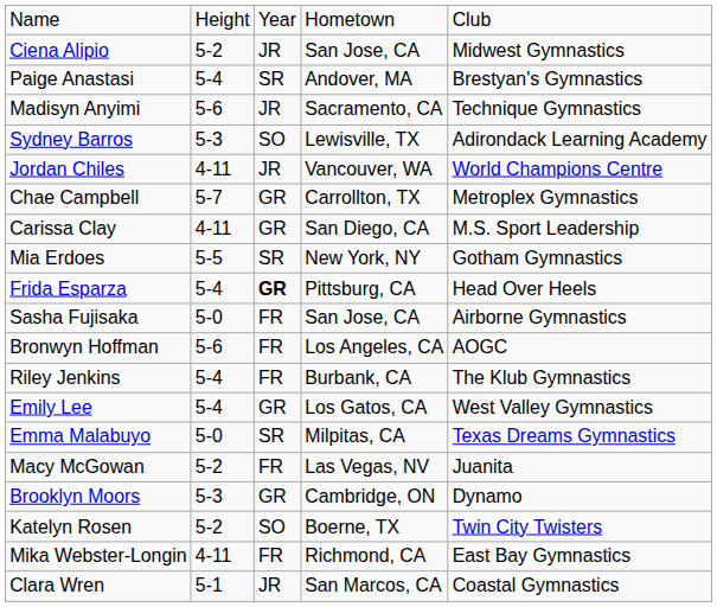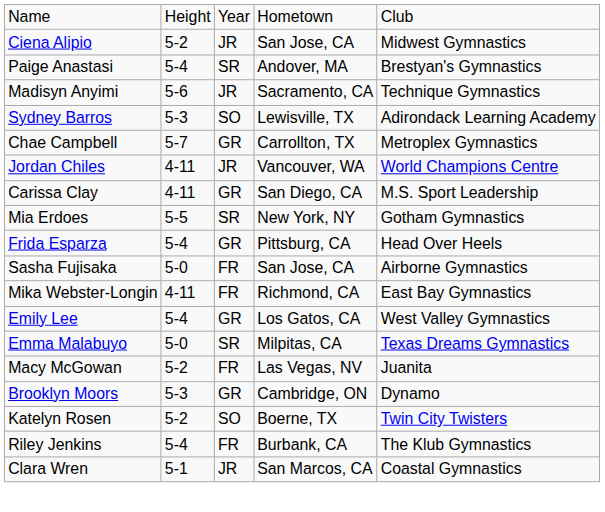 <table class="wikitable">
 <tr>
 <td>Name</td>
 <td>Height</td>
 <td>Year</td>
 <td>Hometown</td>
 <td>Club</td>
 </tr>
 <tr>
 <td><a href='#'>Ciena Alipio</a></td>
 <td>5-2</td>
 <td>JR</td>
 <td>San Jose, CA</td>
 <td>Midwest Gymnastics</td>
 </tr>
 <tr>
 <td>Paige Anastasi</td>
 <td>5-4</td>
 <td>SR</td>
 <td>Andover, MA</td>
 <td>Brestyan's Gymnastics</td>
 </tr>
 <tr>
 <td>Madisyn Anyimi</td>
 <td>5-6</td>
 <td>JR</td>
 <td>Sacramento, CA</td>
 <td>Technique Gymnastics</td>
 </tr>
 <tr>
 <td><a href='#'>Sydney Barros</a></td>
 <td>5-3</td>
 <td>SO</td>
 <td>Lewisville, TX</td>
 <td>Adirondack Learning Academy</td>
 </tr>
 <tr>
+<td>Chae Campbell</td>
+<td>5-7</td>
+<td>GR</td>
+<td>Carrollton, TX</td>
+<td>Metroplex Gymnastics</td>
+</tr>
+<tr>
 <td><a href='#'>Jordan Chiles</a></td>
 <td>4-11</td>
 <td>JR</td>
 <td>Vancouver, WA</td>
 <td><a href='#'>World Champions Centre</a></td>
-</tr>
-<tr>
-<td>Chae Campbell</td>
-<td>5-7</td>
-<td>GR</td>
-<td>Carrollton, TX</td>
-<td>Metroplex Gymnastics</td>
 </tr>
 <tr>
 <td>Carissa Clay</td>
 <td>4-11</td>
 <td>GR</td>
 <td>San Diego, CA</td>
 <td>M.S. Sport Leadership</td>
 </tr>
 <tr>
 <td>Mia Erdoes</td>
 <td>5-5</td>
 <td>SR</td>
 <td>New York, NY</td>
 <td>Gotham Gymnastics</td>
 </tr>
 <tr>
 <td><a href='#'>Frida Esparza</a></td>
 <td>5-4</td>
-<td><strong>GR</strong></td>
+<td>GR</td>
 <td>Pittsburg, CA</td>
 <td>Head Over Heels</td>
 </tr>
 <tr>
 <td>Sasha Fujisaka</td>
 <td>5-0</td>
 <td>FR</td>
 <td>San Jose, CA</td>
 <td>Airborne Gymnastics</td>
 </tr>
 <tr>
-<td>Bronwyn Hoffman</td>
-<td>5-6</td>
+<td>Mika Webster-Longin</td>
+<td>4-11</td>
 <td>FR</td>
-<td>Los Angeles, CA</td>
-<td>AOGC</td>
-</tr>
-<tr>
-<td>Riley Jenkins</td>
-<td>5-4</td>
-<td>FR</td>
-<td>Burbank, CA</td>
-<td>The Klub Gymnastics</td>
+<td>Richmond, CA</td>
+<td>East Bay Gymnastics</td>
 </tr>
 <tr>
 <td><a href='#'>Emily Lee</a></td>
 <td>5-4</td>
 <td>GR</td>
 <td>Los Gatos, CA</td>
 <td>West Valley Gymnastics</td>
 </tr>
 <tr>
 <td><a href='#'>Emma Malabuyo</a></td>
 <td>5-0</td>
 <td>SR</td>
 <td>Milpitas, CA</td>
 <td><a href='#'>Texas Dreams Gymnastics</a></td>
 </tr>
 <tr>
 <td>Macy McGowan</td>
 <td>5-2</td>
 <td>FR</td>
 <td>Las Vegas, NV</td>
 <td>Juanita</td>
 </tr>
 <tr>
 <td><a href='#'>Brooklyn Moors</a></td>
 <td>5-3</td>
 <td>GR</td>
 <td>Cambridge, ON</td>
 <td>Dynamo</td>
 </tr>
 <tr>
 <td>Katelyn Rosen</td>
 <td>5-2</td>
 <td>SO</td>
 <td>Boerne, TX</td>
 <td><a href='#'>Twin City Twisters</a></td>
 </tr>
 <tr>
-<td>Mika Webster-Longin</td>
-<td>4-11</td>
+<td>Riley Jenkins</td>
+<td>5-4</td>
 <td>FR</td>
-<td>Richmond, CA</td>
-<td>East Bay Gymnastics</td>
+<td>Burbank, CA</td>
+<td>The Klub Gymnastics</td>
 </tr>
 <tr>
 <td>Clara Wren</td>
 <td>5-1</td>
 <td>JR</td>
 <td>San Marcos, CA</td>
 <td>Coastal Gymnastics</td>
 </tr>
 </table>
